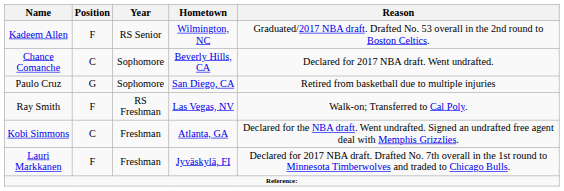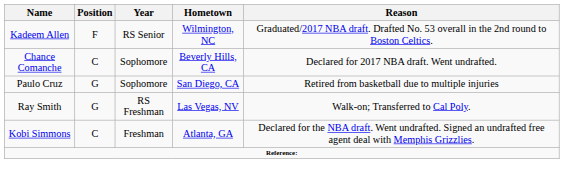 <table class="wikitable" style="text-align: center">
 <tr align=center>
 <th>Name</th>
 <th>Position</th>
 <th>Year</th>
 <th>Hometown</th>
 <th>Reason</th>
 </tr>
 <tr>
 <td><a href='#'>Kadeem Allen</a></td>
 <td>F</td>
 <td>RS Senior</td>
 <td><a href='#'>Wilmington, NC</a></td>
 <td>Graduated/<a href='#'>2017 NBA draft</a>. Drafted No. 53 overall in the 2nd round to <a href='#'>Boston Celtics</a>.</td>
 </tr>
 <tr>
 <td><a href='#'>Chance Comanche</a></td>
 <td>C</td>
 <td>Sophomore</td>
 <td><a href='#'>Beverly Hills, CA</a></td>
 <td>Declared for 2017 NBA draft. Went undrafted.</td>
 </tr>
 <tr>
 <td>Paulo Cruz</td>
 <td>G</td>
 <td>Sophomore</td>
 <td><a href='#'>San Diego, CA</a></td>
 <td>Retired from basketball due to multiple injuries</td>
 </tr>
 <tr>
 <td>Ray Smith</td>
-<td>F</td>
+<td>G</td>
 <td>RS Freshman</td>
 <td><a href='#'>Las Vegas, NV</a></td>
 <td>Walk-on; Transferred to <a href='#'>Cal Poly</a>.</td>
 </tr>
 <tr>
 <td><a href='#'>Kobi Simmons</a></td>
 <td>C</td>
 <td>Freshman</td>
 <td><a href='#'>Atlanta, GA</a></td>
 <td>Declared for the <a href='#'>NBA draft</a>. Went undrafted. Signed an undrafted free agent deal with <a href='#'>Memphis Grizzlies</a>.</td>
 </tr>
 <tr>
-<td><a href='#'>Lauri Markkanen</a></td>
-<td>F</td>
-<td>Freshman</td>
-<td><a href='#'>Jyväskylä, FI</a></td>
-<td>Declared for 2017 NBA draft. Drafted No. 7th overall in the 1st round to <a href='#'>Minnesota Timberwolves</a> and traded to <a href='#'>Chicago Bulls</a>.</td>
-</tr>
-<tr>
 <td colspan="5" style="font-size:8pt; text-align:center;"><strong>Reference:</strong></td>
 </tr>
 </table>
